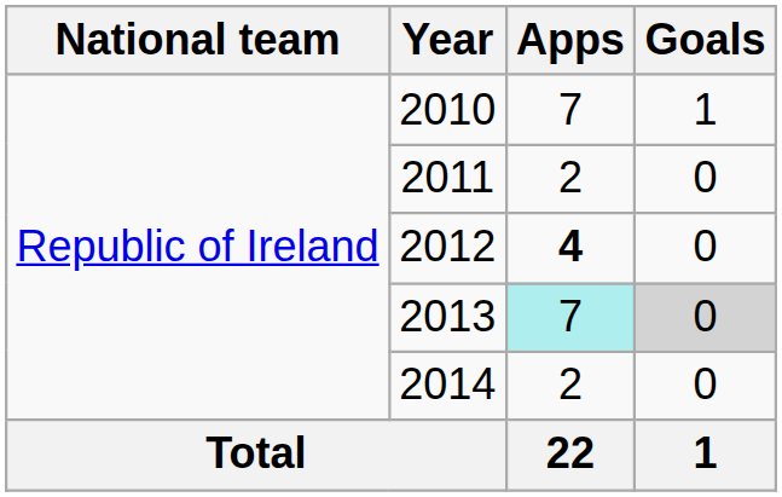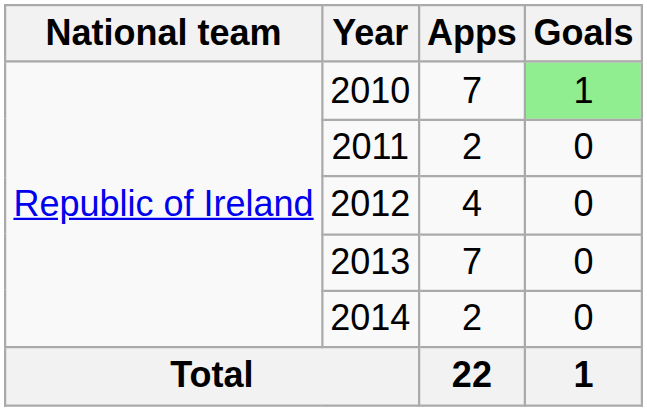 <table class="wikitable" style="text-align: center">
 <tr>
 <th>National team</th>
 <th>Year</th>
 <th>Apps</th>
 <th>Goals</th>
 </tr>
 <tr>
 <td rowspan="5"><a href='#'>Republic of Ireland</a></td>
 <td>2010</td>
 <td>7</td>
-<td>1</td>
+<td style="background: lightgreen;">1</td>
 </tr>
 <tr>
 <td>2011</td>
 <td>2</td>
 <td>0</td>
 </tr>
 <tr>
 <td>2012</td>
-<td><strong>4</strong></td>
+<td>4</td>
 <td>0</td>
 </tr>
 <tr>
 <td>2013</td>
-<td style="background: paleturquoise;">7</td>
-<td style="background: lightgrey;">0</td>
+<td>7</td>
+<td>0</td>
 </tr>
 <tr>
 <td>2014</td>
 <td>2</td>
 <td>0</td>
 </tr>
 <tr>
 <th colspan="2">Total</th>
 <th>22</th>
 <th>1</th>
 </tr>
 </table>
